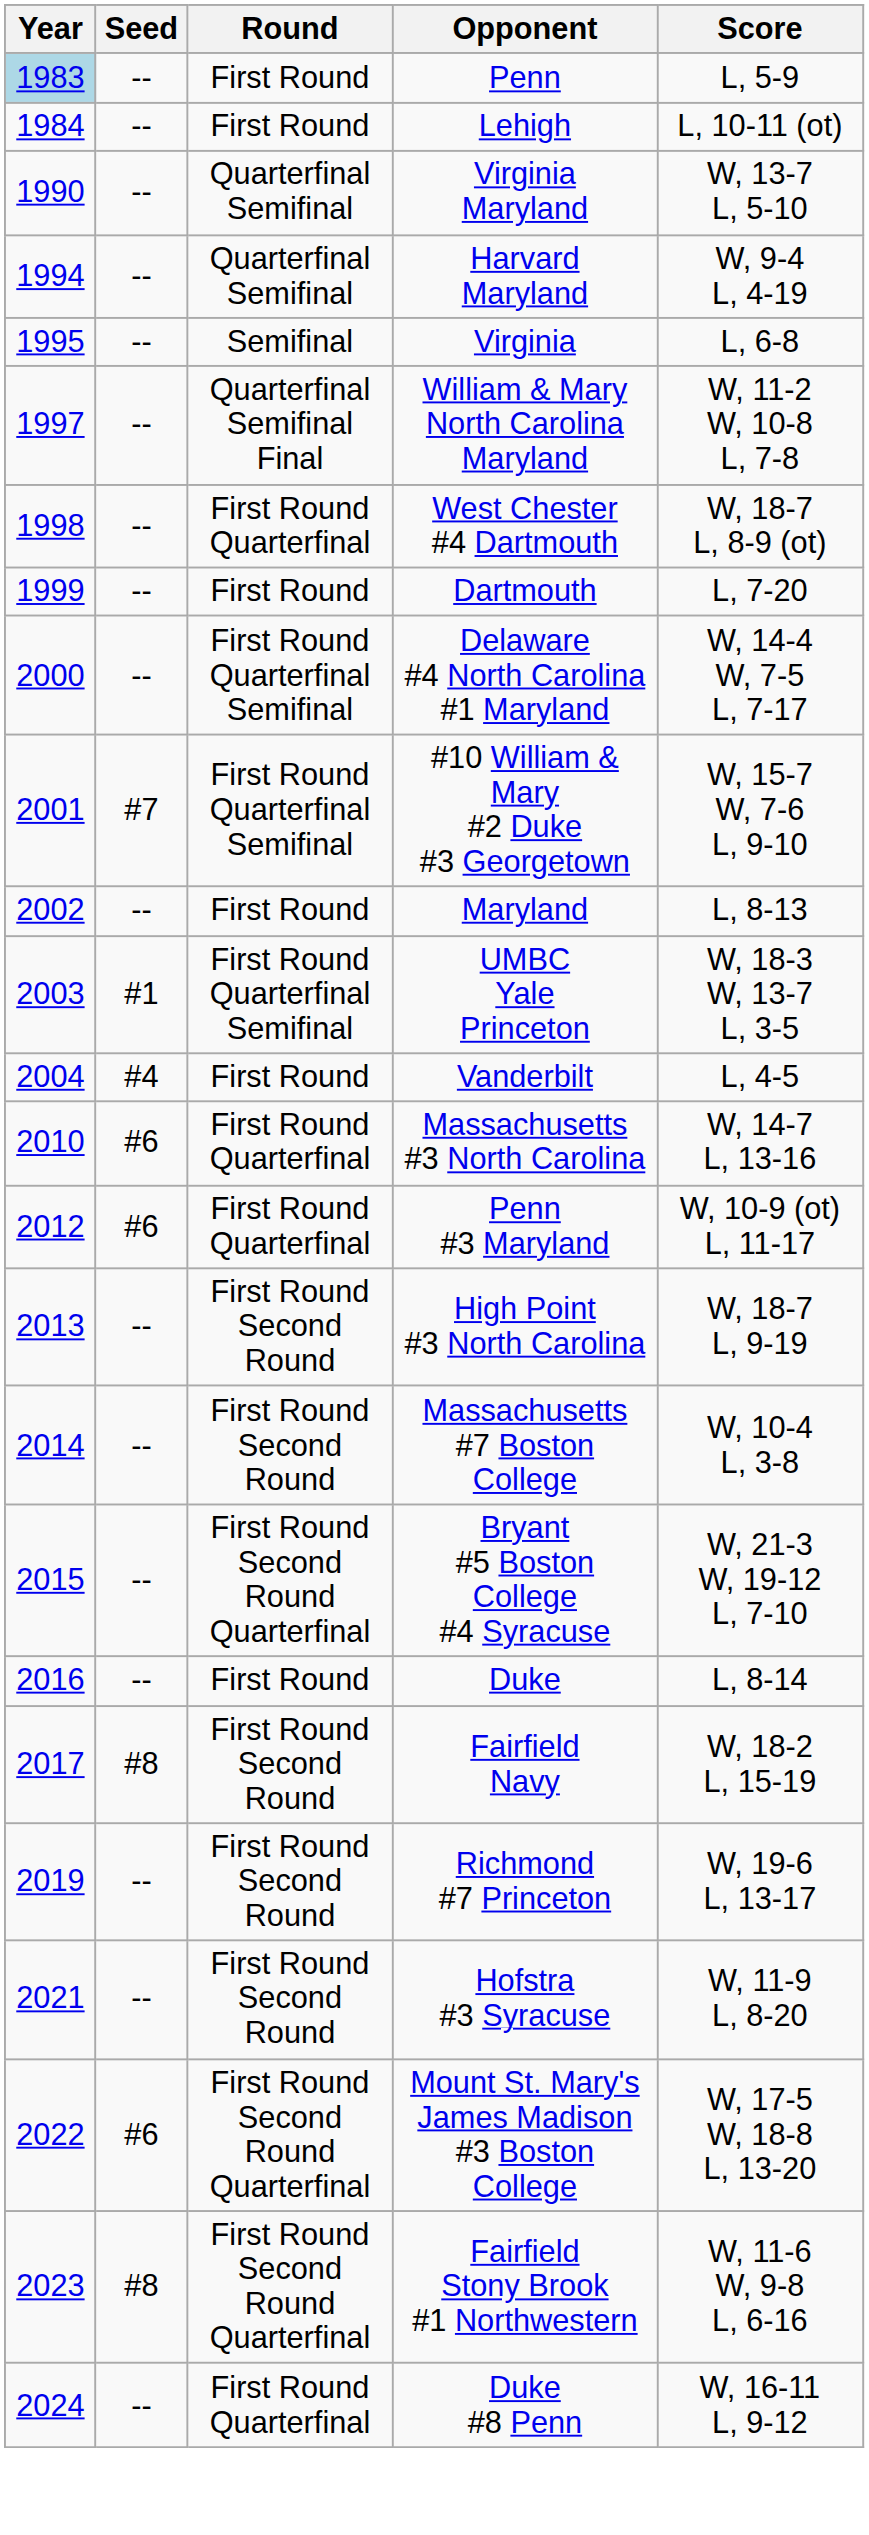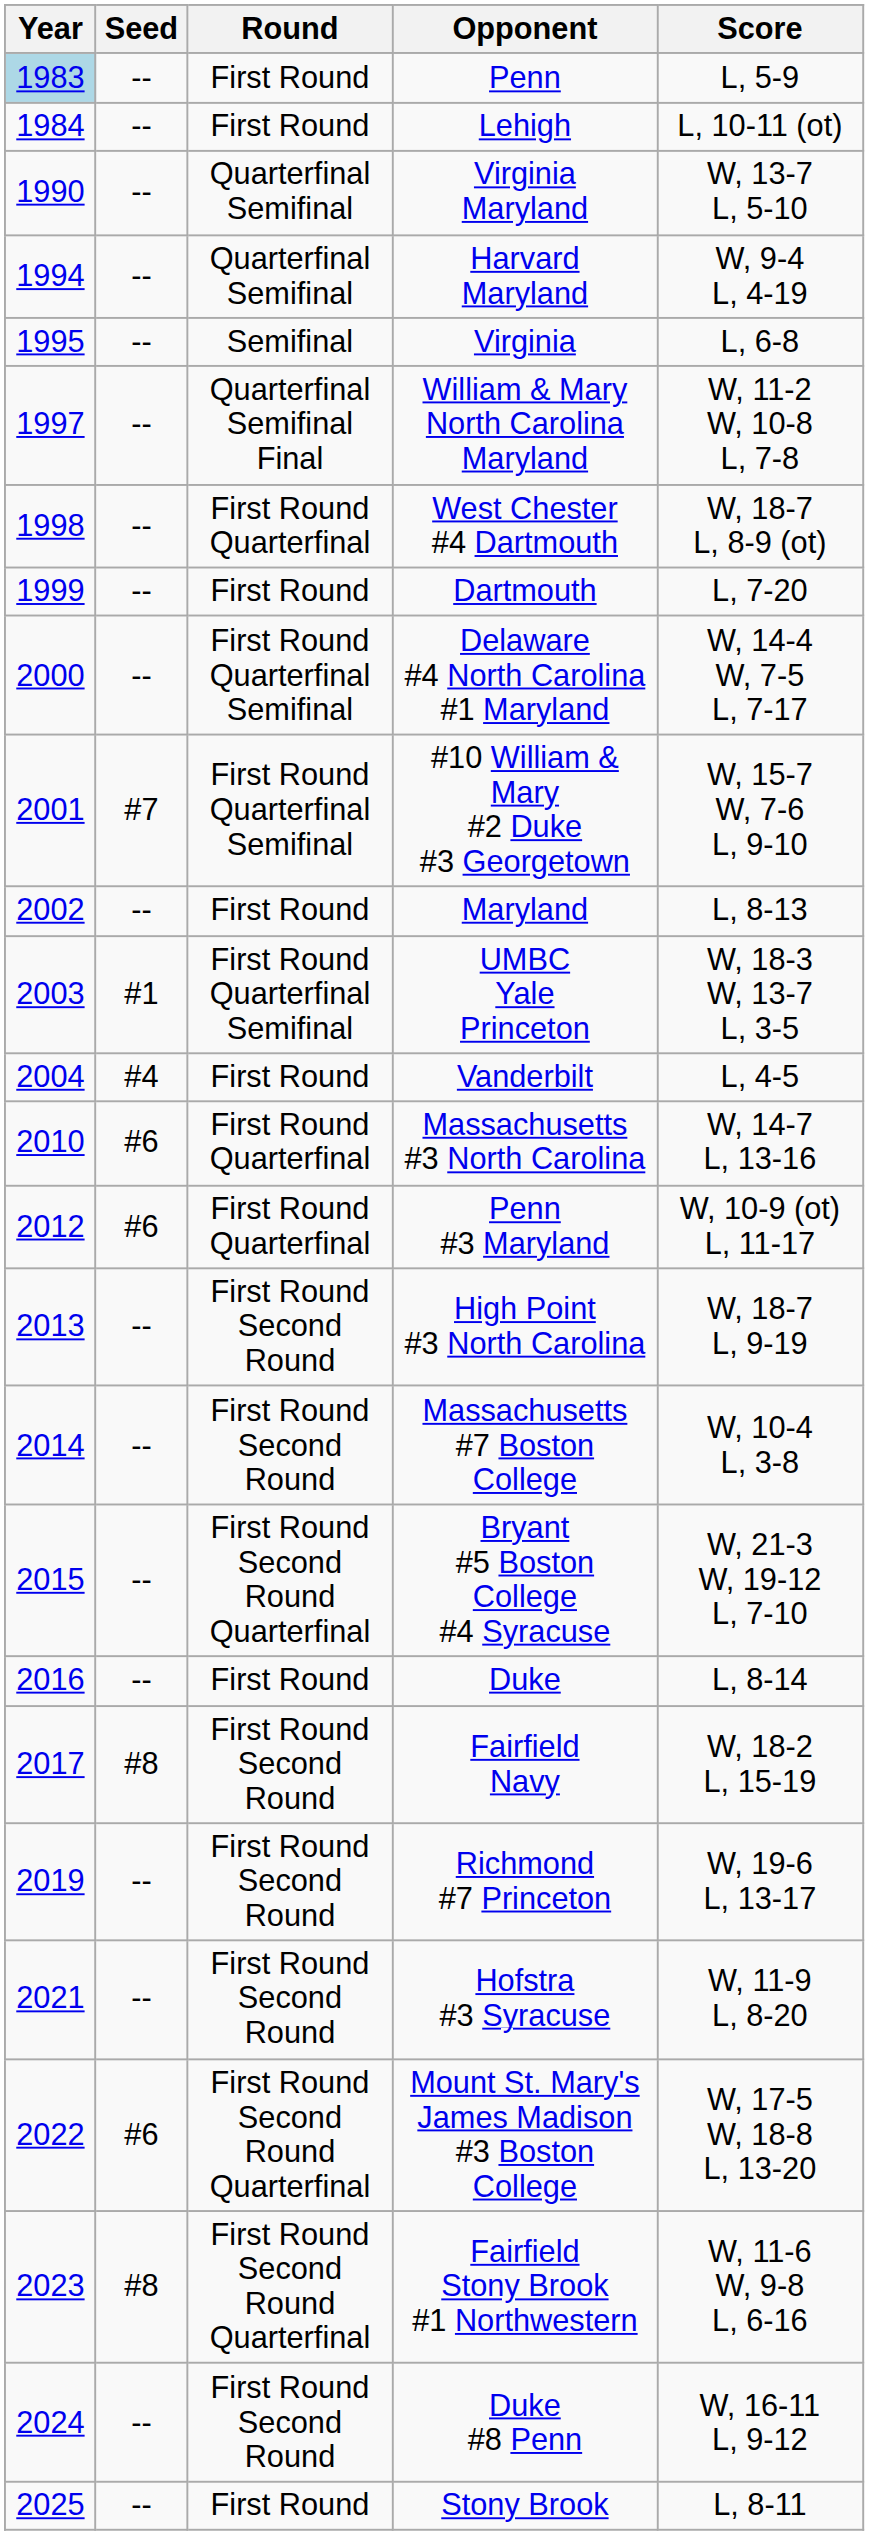 <table class="wikitable">
 <tr>
 <th style="width:40px; ">Year</th>
 <th style="width:40px; ">Seed</th>
 <th style="width:100px; ">Round</th>
 <th style="width:130px; ">Opponent</th>
 <th style="width:100px; ">Score</th>
 </tr>
 <tr align="center">
 <td style="background: lightblue;"><a href='#'>1983</a></td>
 <td>--</td>
 <td>First Round</td>
 <td><a href='#'>Penn</a></td>
 <td>L, 5-9</td>
 </tr>
 <tr align="center">
 <td><a href='#'>1984</a></td>
 <td>--</td>
 <td>First Round</td>
 <td><a href='#'>Lehigh</a></td>
 <td>L, 10-11 (ot)</td>
 </tr>
 <tr align="center">
 <td><a href='#'>1990</a></td>
 <td>--</td>
 <td>Quarterfinal<br>Semifinal</td>
 <td><a href='#'>Virginia</a><br><a href='#'>Maryland</a></td>
 <td>W, 13-7<br>L, 5-10</td>
 </tr>
 <tr align="center">
 <td><a href='#'>1994</a></td>
 <td>--</td>
 <td>Quarterfinal<br>Semifinal</td>
 <td><a href='#'>Harvard</a><br><a href='#'>Maryland</a></td>
 <td>W, 9-4<br>L, 4-19</td>
 </tr>
 <tr align="center">
 <td><a href='#'>1995</a></td>
 <td>--</td>
 <td>Semifinal</td>
 <td><a href='#'>Virginia</a></td>
 <td>L, 6-8</td>
 </tr>
 <tr align="center">
 <td><a href='#'>1997</a></td>
 <td>--</td>
 <td>Quarterfinal<br>Semifinal<br>Final</td>
 <td><a href='#'>William & Mary</a><br><a href='#'>North Carolina</a><br><a href='#'>Maryland</a></td>
 <td>W, 11-2<br>W, 10-8<br>L, 7-8</td>
 </tr>
 <tr align="center">
 <td><a href='#'>1998</a></td>
 <td>--</td>
 <td>First Round<br>Quarterfinal</td>
 <td><a href='#'>West Chester</a><br>#4 <a href='#'>Dartmouth</a></td>
 <td>W, 18-7<br>L, 8-9 (ot)</td>
 </tr>
 <tr align="center">
 <td><a href='#'>1999</a></td>
 <td>--</td>
 <td>First Round</td>
 <td><a href='#'>Dartmouth</a></td>
 <td>L, 7-20</td>
 </tr>
 <tr align="center">
 <td><a href='#'>2000</a></td>
 <td>--</td>
 <td>First Round<br>Quarterfinal<br>Semifinal</td>
 <td><a href='#'>Delaware</a><br>#4 <a href='#'>North Carolina</a><br>#1 <a href='#'>Maryland</a></td>
 <td>W, 14-4<br>W, 7-5<br>L, 7-17</td>
 </tr>
 <tr align="center">
 <td><a href='#'>2001</a></td>
 <td>#7</td>
 <td>First Round<br>Quarterfinal<br>Semifinal</td>
 <td>#10 <a href='#'>William & Mary</a><br>#2 <a href='#'>Duke</a><br>#3 <a href='#'>Georgetown</a></td>
 <td>W, 15-7<br>W, 7-6<br>L, 9-10</td>
 </tr>
 <tr align="center">
 <td><a href='#'>2002</a></td>
 <td>--</td>
 <td>First Round</td>
 <td><a href='#'>Maryland</a></td>
 <td>L, 8-13</td>
 </tr>
 <tr align="center">
 <td><a href='#'>2003</a></td>
 <td>#1</td>
 <td>First Round<br>Quarterfinal<br>Semifinal</td>
 <td><a href='#'>UMBC</a><br><a href='#'>Yale</a><br><a href='#'>Princeton</a></td>
 <td>W, 18-3<br>W, 13-7<br>L, 3-5</td>
 </tr>
 <tr align="center">
 <td><a href='#'>2004</a></td>
 <td>#4</td>
 <td>First Round</td>
 <td><a href='#'>Vanderbilt</a></td>
 <td>L, 4-5</td>
 </tr>
 <tr align="center">
 <td><a href='#'>2010</a></td>
 <td>#6</td>
 <td>First Round<br>Quarterfinal</td>
 <td><a href='#'>Massachusetts</a><br>#3 <a href='#'>North Carolina</a></td>
 <td>W, 14-7<br>L, 13-16</td>
 </tr>
 <tr align="center">
 <td><a href='#'>2012</a></td>
 <td>#6</td>
 <td>First Round<br>Quarterfinal</td>
 <td><a href='#'>Penn</a><br>#3 <a href='#'>Maryland</a></td>
 <td>W, 10-9 (ot)<br>L, 11-17</td>
 </tr>
 <tr align="center">
 <td><a href='#'>2013</a></td>
 <td>--</td>
 <td>First Round<br>Second Round</td>
 <td><a href='#'>High Point</a><br>#3 <a href='#'>North Carolina</a></td>
 <td>W, 18-7<br>L, 9-19</td>
 </tr>
 <tr align="center">
 <td><a href='#'>2014</a></td>
 <td>--</td>
 <td>First Round<br>Second Round</td>
 <td><a href='#'>Massachusetts</a><br>#7 <a href='#'>Boston College</a></td>
 <td>W, 10-4<br>L, 3-8</td>
 </tr>
 <tr align="center">
 <td><a href='#'>2015</a></td>
 <td>--</td>
 <td>First Round<br>Second Round<br>Quarterfinal</td>
 <td><a href='#'>Bryant</a><br>#5 <a href='#'>Boston College</a><br>#4 <a href='#'>Syracuse</a></td>
 <td>W, 21-3<br>W, 19-12<br>L, 7-10</td>
 </tr>
 <tr align="center">
 <td><a href='#'>2016</a></td>
 <td>--</td>
 <td>First Round</td>
 <td><a href='#'>Duke</a></td>
 <td>L, 8-14</td>
 </tr>
 <tr align="center">
 <td><a href='#'>2017</a></td>
 <td>#8</td>
 <td>First Round<br>Second Round</td>
 <td><a href='#'>Fairfield</a><br><a href='#'>Navy</a></td>
 <td>W, 18-2<br>L, 15-19</td>
 </tr>
 <tr align="center">
 <td><a href='#'>2019</a></td>
 <td>--</td>
 <td>First Round<br>Second Round</td>
 <td><a href='#'>Richmond</a><br>#7 <a href='#'>Princeton</a></td>
 <td>W, 19-6<br>L, 13-17</td>
 </tr>
 <tr align="center">
 <td><a href='#'>2021</a></td>
 <td>--</td>
 <td>First Round<br>Second Round</td>
 <td><a href='#'>Hofstra</a><br>#3 <a href='#'>Syracuse</a></td>
 <td>W, 11-9<br>L, 8-20</td>
 </tr>
 <tr align="center">
 <td><a href='#'>2022</a></td>
 <td>#6</td>
 <td>First Round<br>Second Round<br>Quarterfinal</td>
 <td><a href='#'>Mount St. Mary's</a><br><a href='#'>James Madison</a><br>#3 <a href='#'>Boston College</a></td>
 <td>W, 17-5<br>W, 18-8<br>L, 13-20</td>
 </tr>
 <tr align="center">
 <td><a href='#'>2023</a></td>
 <td>#8</td>
 <td>First Round<br>Second Round<br>Quarterfinal</td>
 <td><a href='#'>Fairfield</a><br><a href='#'>Stony Brook</a><br>#1 <a href='#'>Northwestern</a></td>
 <td>W, 11-6<br>W, 9-8<br>L, 6-16</td>
 </tr>
 <tr align="center">
 <td><a href='#'>2024</a></td>
 <td>--</td>
-<td>First Round<br>Quarterfinal</td>
+<td>First Round<br>Second Round</td>
 <td><a href='#'>Duke</a><br>#8 <a href='#'>Penn</a></td>
 <td>W, 16-11<br>L, 9-12</td>
 </tr>
+<tr align="center">
+<td><a href='#'>2025</a></td>
+<td>--</td>
+<td>First Round</td>
+<td><a href='#'>Stony Brook</a></td>
+<td>L, 8-11</td>
+</tr>
 </table>
